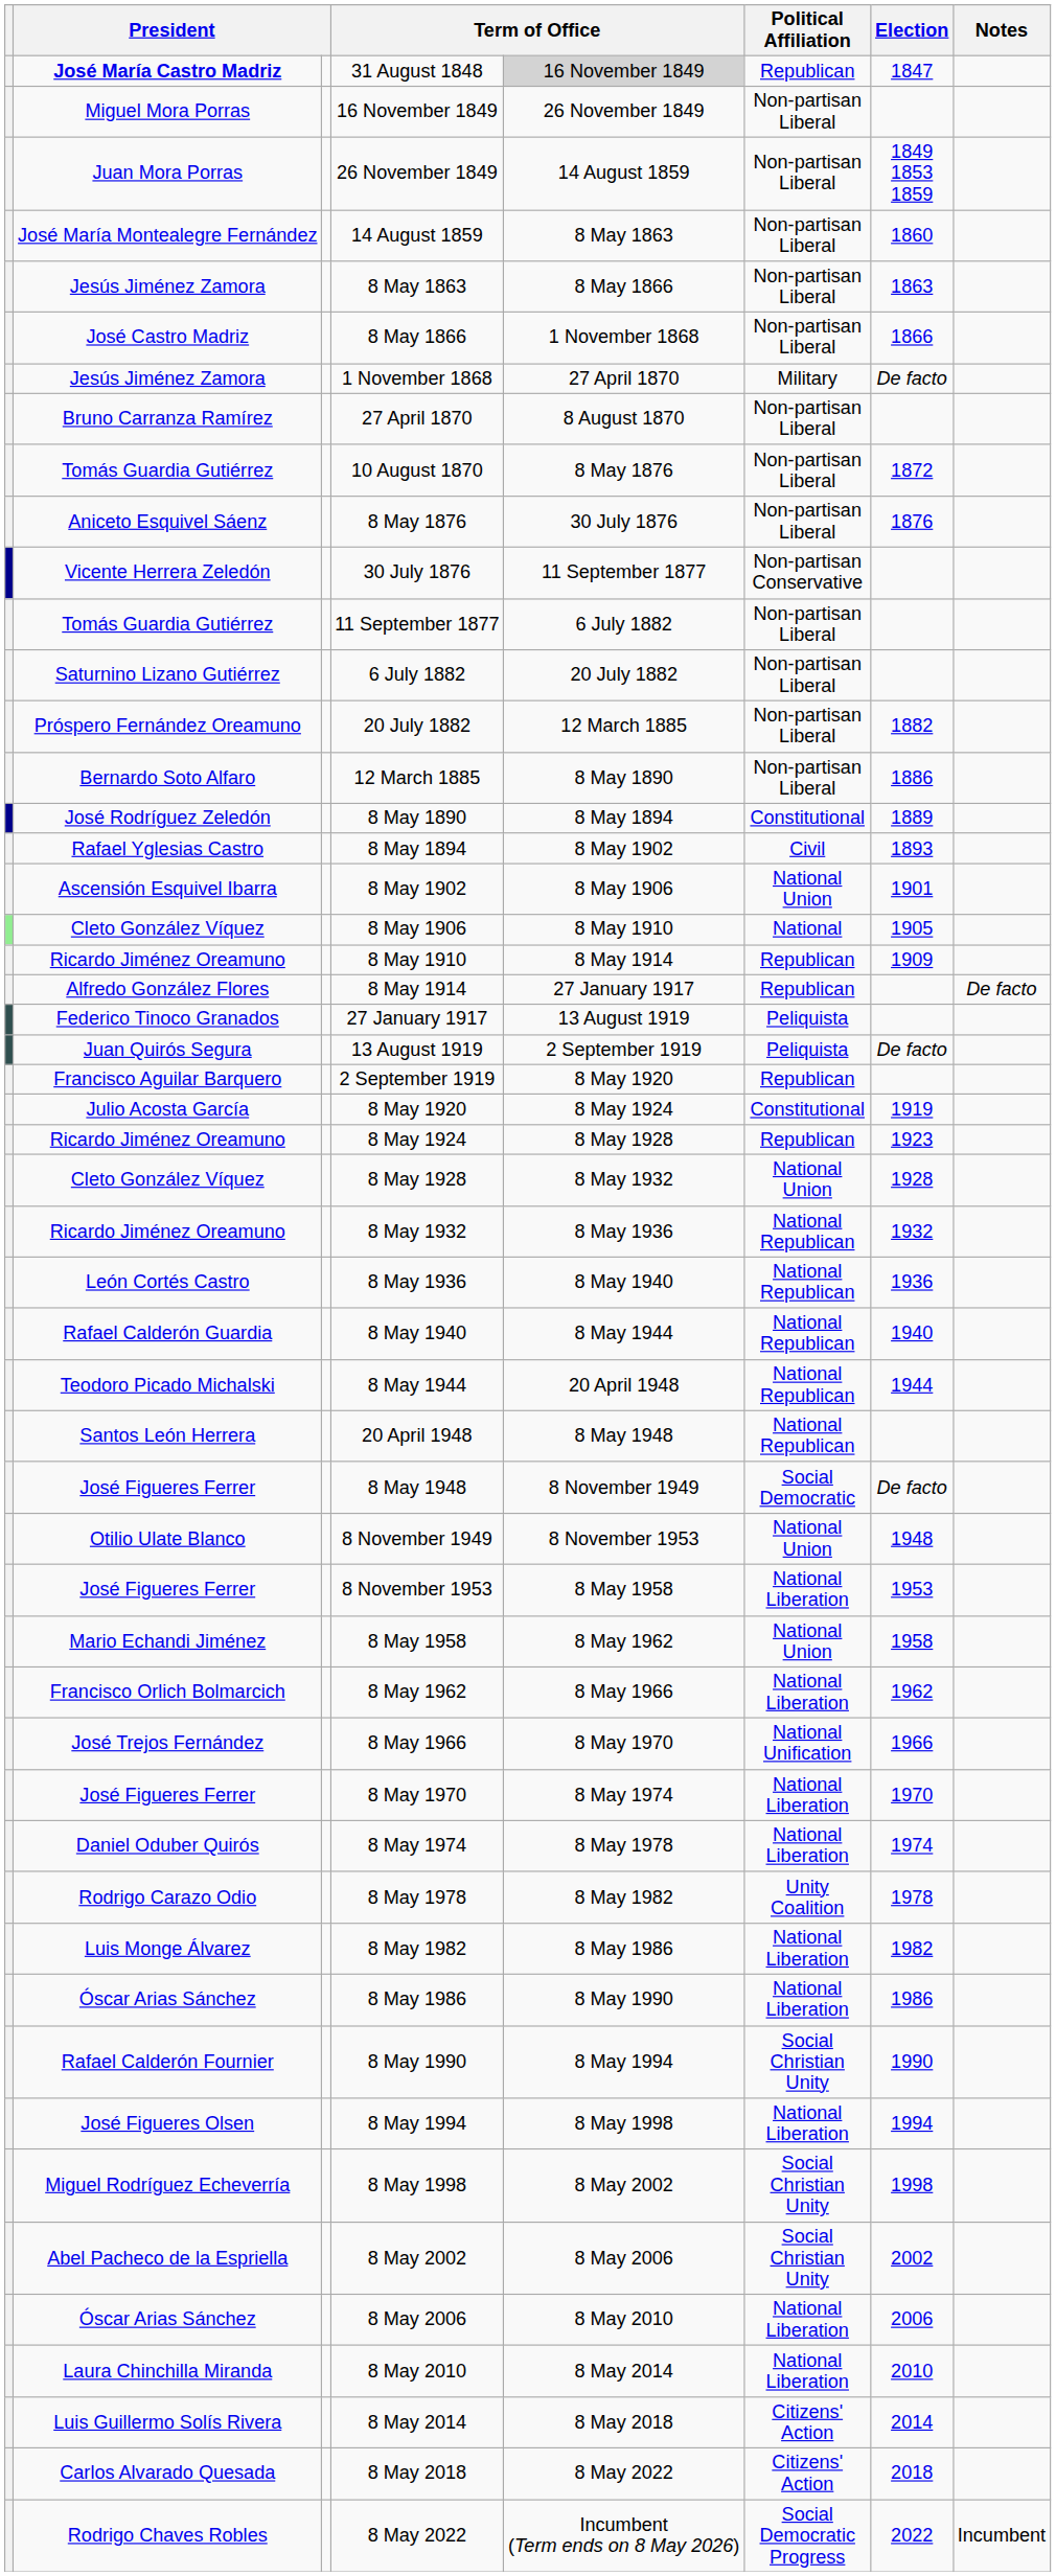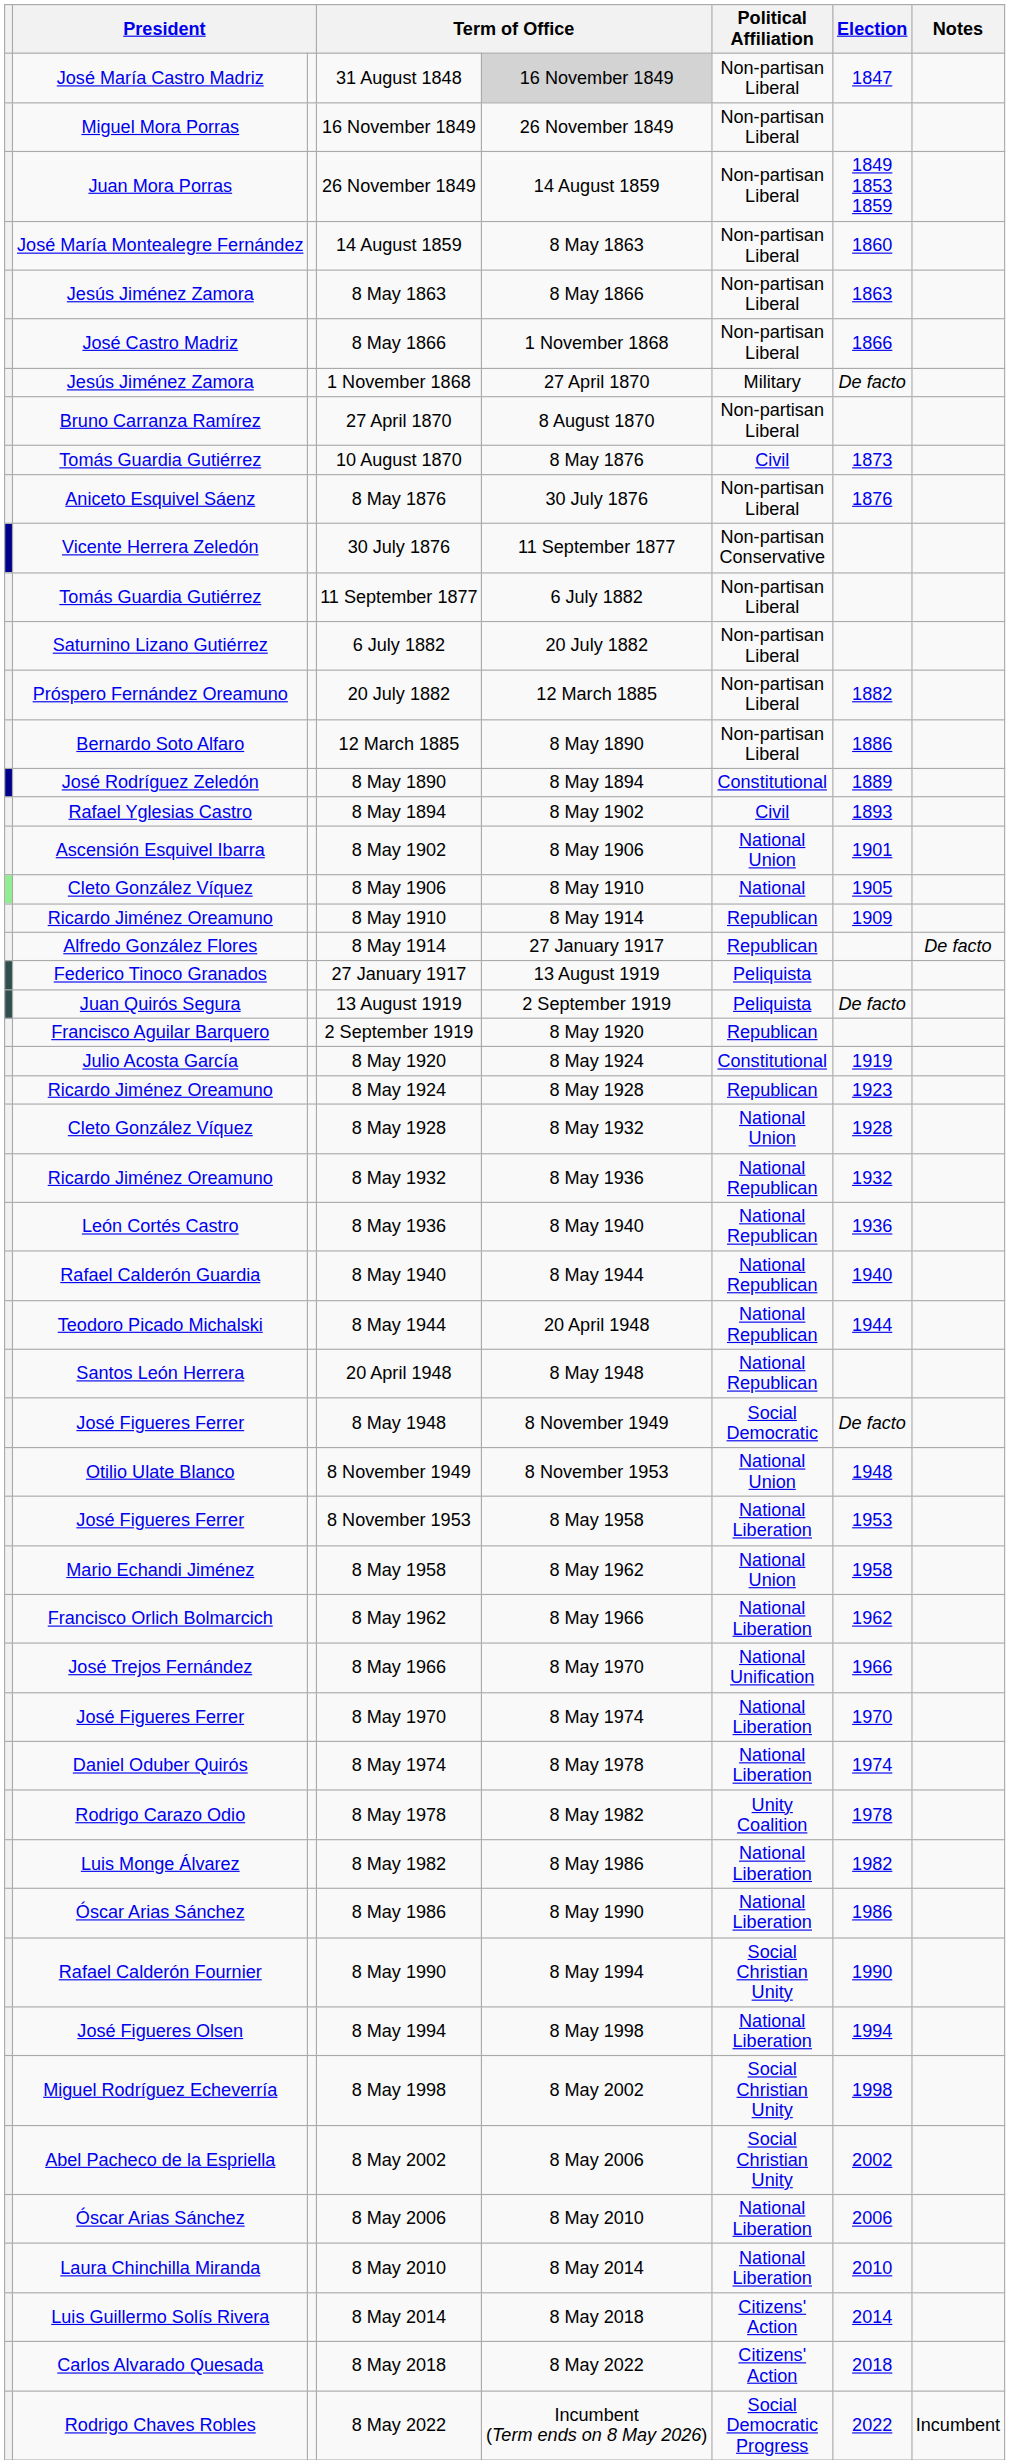 <table class="wikitable" style="text-align:center">
 <tr style="background:#cccccc">
 <th></th>
 <th width=150 colspan=2><a href='#'>President</a><br></th>
 <th width=100 colspan=2>Term of Office</th>
 <th width=100>Political Affiliation</th>
 <th><a href='#'>Election</a></th>
 <th>Notes</th>
 </tr>
 <tr>
 <th style="background:"></th>
-<td><strong><a href='#'>José María Castro Madriz</a><br></strong></td>
+<td><a href='#'>José María Castro Madriz</a><br></td>
 <td></td>
 <td>31 August 1848</td>
 <td style="background: lightgrey;">16 November 1849</td>
-<td><a href='#'>Republican</a></td>
+<td>Non-partisan Liberal</td>
 <td><a href='#'>1847</a></td>
 <td></td>
 </tr>
 <tr>
 <th style="background:"></th>
 <td><a href='#'>Miguel Mora Porras</a><br></td>
 <td></td>
 <td>16 November 1849</td>
 <td>26 November 1849</td>
 <td>Non-partisan Liberal</td>
 <td></td>
 <td></td>
 </tr>
 <tr>
 <th style="background:"></th>
 <td><a href='#'>Juan Mora Porras</a><br></td>
 <td></td>
 <td>26 November 1849</td>
 <td>14 August 1859</td>
 <td>Non-partisan Liberal</td>
 <td><a href='#'>1849</a><br><a href='#'>1853</a><br><a href='#'>1859</a></td>
 <td></td>
 </tr>
 <tr>
 <th style="background:"></th>
 <td><a href='#'>José María Montealegre Fernández</a><br></td>
 <td></td>
 <td>14 August 1859</td>
 <td>8 May 1863</td>
 <td>Non-partisan Liberal</td>
 <td><a href='#'>1860</a></td>
 <td></td>
 </tr>
 <tr>
 <th style="background:"></th>
 <td><a href='#'>Jesús Jiménez Zamora</a><br></td>
 <td></td>
 <td>8 May 1863</td>
 <td>8 May 1866</td>
 <td>Non-partisan Liberal</td>
 <td><a href='#'>1863</a></td>
 <td></td>
 </tr>
 <tr>
 <th style="background:"></th>
 <td><a href='#'>José Castro Madriz</a><br></td>
 <td></td>
 <td>8 May 1866</td>
 <td>1 November 1868</td>
 <td>Non-partisan Liberal</td>
 <td><a href='#'>1866</a></td>
 <td></td>
 </tr>
 <tr>
 <th style="background:"></th>
 <td><a href='#'>Jesús Jiménez Zamora</a><br></td>
 <td></td>
 <td>1 November 1868</td>
 <td>27 April 1870</td>
 <td>Military</td>
 <td><em>De facto</em></td>
 <td></td>
 </tr>
 <tr>
 <th style="background:"></th>
 <td><a href='#'>Bruno Carranza Ramírez</a><br></td>
 <td></td>
 <td>27 April 1870</td>
 <td>8 August 1870</td>
 <td>Non-partisan Liberal</td>
 <td></td>
 <td></td>
 </tr>
 <tr>
 <th style="background:"></th>
 <td><a href='#'>Tomás Guardia Gutiérrez</a><br></td>
 <td></td>
 <td>10 August 1870</td>
 <td>8 May 1876</td>
-<td>Non-partisan Liberal</td>
-<td><a href='#'>1872</a></td>
+<td><a href='#'>Civil</a></td>
+<td><a href='#'>1873</a></td>
 <td></td>
 </tr>
 <tr>
 <th style="background:"></th>
 <td><a href='#'>Aniceto Esquivel Sáenz</a><br></td>
 <td></td>
 <td>8 May 1876</td>
 <td>30 July 1876</td>
 <td>Non-partisan Liberal</td>
 <td><a href='#'>1876</a></td>
 <td></td>
 </tr>
 <tr>
 <th style="background:darkblue"></th>
 <td><a href='#'>Vicente Herrera Zeledón</a><br></td>
 <td></td>
 <td>30 July 1876</td>
 <td>11 September 1877</td>
 <td>Non-partisan Conservative</td>
 <td></td>
 <td></td>
 </tr>
 <tr>
 <th style="background:"></th>
 <td><a href='#'>Tomás Guardia Gutiérrez</a><br></td>
 <td></td>
 <td>11 September 1877</td>
 <td>6 July 1882</td>
 <td>Non-partisan Liberal</td>
 <td></td>
 <td></td>
 </tr>
 <tr>
 <th style="background:"></th>
 <td><a href='#'>Saturnino Lizano Gutiérrez</a><br></td>
 <td></td>
 <td>6 July 1882</td>
 <td>20 July 1882</td>
 <td>Non-partisan Liberal</td>
 <td></td>
 <td></td>
 </tr>
 <tr>
 <th style="background:"></th>
 <td><a href='#'>Próspero Fernández Oreamuno</a><br></td>
 <td></td>
 <td>20 July 1882</td>
 <td>12 March 1885</td>
 <td>Non-partisan Liberal</td>
 <td><a href='#'>1882</a></td>
 <td></td>
 </tr>
 <tr>
 <th style="background:"></th>
 <td><a href='#'>Bernardo Soto Alfaro</a><br></td>
 <td></td>
 <td>12 March 1885</td>
 <td>8 May 1890</td>
 <td>Non-partisan Liberal</td>
 <td><a href='#'>1886</a></td>
 <td></td>
 </tr>
 <tr>
 <th style="background:darkblue"></th>
 <td><a href='#'>José Rodríguez Zeledón</a><br></td>
 <td></td>
 <td>8 May 1890</td>
 <td>8 May 1894</td>
 <td><a href='#'>Constitutional</a></td>
 <td><a href='#'>1889</a></td>
 <td></td>
 </tr>
 <tr>
 <th style="background:"></th>
 <td><a href='#'>Rafael Yglesias Castro</a><br></td>
 <td></td>
 <td>8 May 1894</td>
 <td>8 May 1902</td>
 <td><a href='#'>Civil</a></td>
 <td><a href='#'>1893</a></td>
 <td></td>
 </tr>
 <tr>
 <th style="background:"></th>
 <td><a href='#'>Ascensión Esquivel Ibarra</a><br></td>
 <td></td>
 <td>8 May 1902</td>
 <td>8 May 1906</td>
 <td><a href='#'>National Union</a></td>
 <td><a href='#'>1901</a></td>
 <td></td>
 </tr>
 <tr>
 <th style="background:Lightgreen"></th>
 <td><a href='#'>Cleto González Víquez</a><br></td>
 <td></td>
 <td>8 May 1906</td>
 <td>8 May 1910</td>
 <td><a href='#'>National</a></td>
 <td><a href='#'>1905</a></td>
 <td></td>
 </tr>
 <tr>
 <th style="background:"></th>
 <td><a href='#'>Ricardo Jiménez Oreamuno</a><br></td>
 <td></td>
 <td>8 May 1910</td>
 <td>8 May 1914</td>
 <td><a href='#'>Republican</a></td>
 <td><a href='#'>1909</a></td>
 <td></td>
 </tr>
 <tr>
 <th style="background:"></th>
 <td><a href='#'>Alfredo González Flores</a><br></td>
 <td></td>
 <td>8 May 1914</td>
 <td>27 January 1917</td>
 <td><a href='#'>Republican</a></td>
 <td></td>
 <td><em>De facto</em><br></td>
 </tr>
 <tr>
 <th style="background:#2F4F4F"></th>
 <td><a href='#'>Federico Tinoco Granados</a><br></td>
 <td></td>
 <td>27 January 1917</td>
 <td>13 August 1919</td>
 <td><a href='#'>Peliquista</a></td>
 <td></td>
 <td></td>
 </tr>
 <tr>
 <th style="background:#2F4F4F"></th>
 <td><a href='#'>Juan Quirós Segura</a><br></td>
 <td></td>
 <td>13 August 1919</td>
 <td>2 September 1919</td>
 <td><a href='#'>Peliquista</a></td>
 <td><em>De facto</em></td>
 <td></td>
 </tr>
 <tr>
 <th style="background:"></th>
 <td><a href='#'>Francisco Aguilar Barquero</a><br></td>
 <td></td>
 <td>2 September 1919</td>
 <td>8 May 1920</td>
 <td><a href='#'>Republican</a></td>
 <td></td>
 <td></td>
 </tr>
 <tr>
 <th style="background:"></th>
 <td><a href='#'>Julio Acosta García</a><br></td>
 <td></td>
 <td>8 May 1920</td>
 <td>8 May 1924</td>
 <td><a href='#'>Constitutional</a></td>
 <td><a href='#'>1919</a></td>
 <td></td>
 </tr>
 <tr>
 <th style="background:"></th>
 <td><a href='#'>Ricardo Jiménez Oreamuno</a><br></td>
 <td></td>
 <td>8 May 1924</td>
 <td>8 May 1928</td>
 <td><a href='#'>Republican</a></td>
 <td><a href='#'>1923</a></td>
 <td></td>
 </tr>
 <tr>
 <th style="background:"></th>
 <td><a href='#'>Cleto González Víquez</a><br></td>
 <td></td>
 <td>8 May 1928</td>
 <td>8 May 1932</td>
 <td><a href='#'>National Union</a></td>
 <td><a href='#'>1928</a></td>
 <td></td>
 </tr>
 <tr>
 <th style="background:"></th>
 <td><a href='#'>Ricardo Jiménez Oreamuno</a><br></td>
 <td></td>
 <td>8 May 1932</td>
 <td>8 May 1936</td>
 <td><a href='#'>National Republican</a></td>
 <td><a href='#'>1932</a></td>
 <td></td>
 </tr>
 <tr>
 <th style="background:"></th>
 <td><a href='#'>León Cortés Castro</a><br></td>
 <td></td>
 <td>8 May 1936</td>
 <td>8 May 1940</td>
 <td><a href='#'>National Republican</a></td>
 <td><a href='#'>1936</a></td>
 <td></td>
 </tr>
 <tr>
 <th style="background:"></th>
 <td><a href='#'>Rafael Calderón Guardia</a><br></td>
 <td></td>
 <td>8 May 1940</td>
 <td>8 May 1944</td>
 <td><a href='#'>National Republican</a></td>
 <td><a href='#'>1940</a></td>
 <td></td>
 </tr>
 <tr>
 <th style="background:"></th>
 <td><a href='#'>Teodoro Picado Michalski</a><br></td>
 <td></td>
 <td>8 May 1944</td>
 <td>20 April 1948</td>
 <td><a href='#'>National Republican</a></td>
 <td><a href='#'>1944</a></td>
 <td></td>
 </tr>
 <tr>
 <th style="background:"></th>
 <td><a href='#'>Santos León Herrera</a><br></td>
 <td></td>
 <td>20 April 1948</td>
 <td>8 May 1948</td>
 <td><a href='#'>National Republican</a></td>
 <td></td>
 <td></td>
 </tr>
 <tr>
 <th style="background:"></th>
 <td><a href='#'>José Figueres Ferrer</a><br></td>
 <td></td>
 <td>8 May 1948</td>
 <td>8 November 1949</td>
 <td><a href='#'>Social Democratic</a></td>
 <td><em>De facto</em></td>
 <td></td>
 </tr>
 <tr>
 <th style="background:"></th>
 <td><a href='#'>Otilio Ulate Blanco</a><br></td>
 <td></td>
 <td>8 November 1949</td>
 <td>8 November 1953</td>
 <td><a href='#'>National Union</a></td>
 <td><a href='#'>1948</a></td>
 <td></td>
 </tr>
 <tr>
 <th style="background:"></th>
 <td><a href='#'>José Figueres Ferrer</a><br></td>
 <td></td>
 <td>8 November 1953</td>
 <td>8 May 1958</td>
 <td><a href='#'>National Liberation</a></td>
 <td><a href='#'>1953</a></td>
 <td></td>
 </tr>
 <tr>
 <th style="background:"></th>
 <td><a href='#'>Mario Echandi Jiménez</a><br></td>
 <td></td>
 <td>8 May 1958</td>
 <td>8 May 1962</td>
 <td><a href='#'>National Union</a></td>
 <td><a href='#'>1958</a></td>
 <td></td>
 </tr>
 <tr>
 <th style="background:"></th>
 <td><a href='#'>Francisco Orlich Bolmarcich</a><br></td>
 <td></td>
 <td>8 May 1962</td>
 <td>8 May 1966</td>
 <td><a href='#'>National Liberation</a></td>
 <td><a href='#'>1962</a></td>
 <td></td>
 </tr>
 <tr>
 <th style="background:"></th>
 <td><a href='#'>José Trejos Fernández</a><br></td>
 <td></td>
 <td>8 May 1966</td>
 <td>8 May 1970</td>
 <td><a href='#'>National Unification</a></td>
 <td><a href='#'>1966</a></td>
 <td></td>
 </tr>
 <tr>
 <th style="background:"></th>
 <td><a href='#'>José Figueres Ferrer</a><br></td>
 <td></td>
 <td>8 May 1970</td>
 <td>8 May 1974</td>
 <td><a href='#'>National Liberation</a></td>
 <td><a href='#'>1970</a></td>
 <td></td>
 </tr>
 <tr>
 <th style="background:"></th>
 <td><a href='#'>Daniel Oduber Quirós</a><br></td>
 <td></td>
 <td>8 May 1974</td>
 <td>8 May 1978</td>
 <td><a href='#'>National Liberation</a></td>
 <td><a href='#'>1974</a></td>
 <td></td>
 </tr>
 <tr>
 <th style="background:"></th>
 <td><a href='#'>Rodrigo Carazo Odio</a><br></td>
 <td></td>
 <td>8 May 1978</td>
 <td>8 May 1982</td>
 <td><a href='#'>Unity Coalition</a></td>
 <td><a href='#'>1978</a></td>
 <td></td>
 </tr>
 <tr>
 <th style="background:"></th>
 <td><a href='#'>Luis Monge Álvarez</a><br></td>
 <td></td>
 <td>8 May 1982</td>
 <td>8 May 1986</td>
 <td><a href='#'>National Liberation</a></td>
 <td><a href='#'>1982</a></td>
 <td></td>
 </tr>
 <tr>
 <th style="background:"></th>
 <td><a href='#'>Óscar Arias Sánchez</a><br></td>
 <td></td>
 <td>8 May 1986</td>
 <td>8 May 1990</td>
 <td><a href='#'>National Liberation</a></td>
 <td><a href='#'>1986</a></td>
 <td></td>
 </tr>
 <tr>
 <th style="background:"></th>
 <td><a href='#'>Rafael Calderón Fournier</a><br></td>
 <td></td>
 <td>8 May 1990</td>
 <td>8 May 1994</td>
 <td><a href='#'>Social Christian Unity</a></td>
 <td><a href='#'>1990</a></td>
 <td></td>
 </tr>
 <tr>
 <th style="background:"></th>
 <td><a href='#'>José Figueres Olsen</a><br></td>
 <td></td>
 <td>8 May 1994</td>
 <td>8 May 1998</td>
 <td><a href='#'>National Liberation</a></td>
 <td><a href='#'>1994</a></td>
 <td></td>
 </tr>
 <tr>
 <th style="background:"></th>
 <td><a href='#'>Miguel Rodríguez Echeverría</a><br></td>
 <td></td>
 <td>8 May 1998</td>
 <td>8 May 2002</td>
 <td><a href='#'>Social Christian Unity</a></td>
 <td><a href='#'>1998</a></td>
 <td></td>
 </tr>
 <tr>
 <th style="background:"></th>
 <td><a href='#'>Abel Pacheco de la Espriella</a><br></td>
 <td></td>
 <td>8 May 2002</td>
 <td>8 May 2006</td>
 <td><a href='#'>Social Christian Unity</a></td>
 <td><a href='#'>2002</a></td>
 <td></td>
 </tr>
 <tr>
 <th style="background:"></th>
 <td><a href='#'>Óscar Arias Sánchez</a><br></td>
 <td></td>
 <td>8 May 2006</td>
 <td>8 May 2010</td>
 <td><a href='#'>National Liberation</a></td>
 <td><a href='#'>2006</a></td>
 <td></td>
 </tr>
 <tr>
 <th style="background:"></th>
 <td><a href='#'>Laura Chinchilla Miranda</a><br></td>
 <td></td>
 <td>8 May 2010</td>
 <td>8 May 2014</td>
 <td><a href='#'>National Liberation</a></td>
 <td><a href='#'>2010</a></td>
 <td></td>
 </tr>
 <tr>
 <th style="background:"></th>
 <td><a href='#'>Luis Guillermo Solís Rivera</a><br></td>
 <td></td>
 <td>8 May 2014</td>
 <td>8 May 2018</td>
 <td><a href='#'>Citizens' Action</a></td>
 <td><a href='#'>2014</a></td>
 <td></td>
 </tr>
 <tr>
 <th style="background:"></th>
 <td><a href='#'>Carlos Alvarado Quesada</a><br></td>
 <td></td>
 <td>8 May 2018</td>
 <td>8 May 2022</td>
 <td><a href='#'>Citizens' Action</a></td>
 <td><a href='#'>2018</a></td>
 <td> </td>
 </tr>
 <tr>
 <th style="background:"></th>
 <td><a href='#'>Rodrigo Chaves Robles</a><br></td>
 <td></td>
 <td>8 May 2022</td>
 <td>Incumbent<br>(<em>Term ends on 8 May 2026</em>)</td>
 <td><a href='#'>Social Democratic Progress</a></td>
 <td><a href='#'>2022</a></td>
 <td>Incumbent</td>
 </tr>
 </table>
